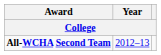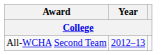 <table class="wikitable">
 <tr>
 <th>Award</th>
 <th>Year</th>
 <th></th>
 </tr>
 <tr>
 <th colspan="3"><a href='#'>College</a></th>
 </tr>
 <tr>
-<td><strong>All-<a href='#'>WCHA</a> <a href='#'>Second Team</a></strong></td>
+<td>All-<a href='#'>WCHA</a> <a href='#'>Second Team</a></td>
 <td><a href='#'>2012–13</a></td>
 <td></td>
 </tr>
 </table>
